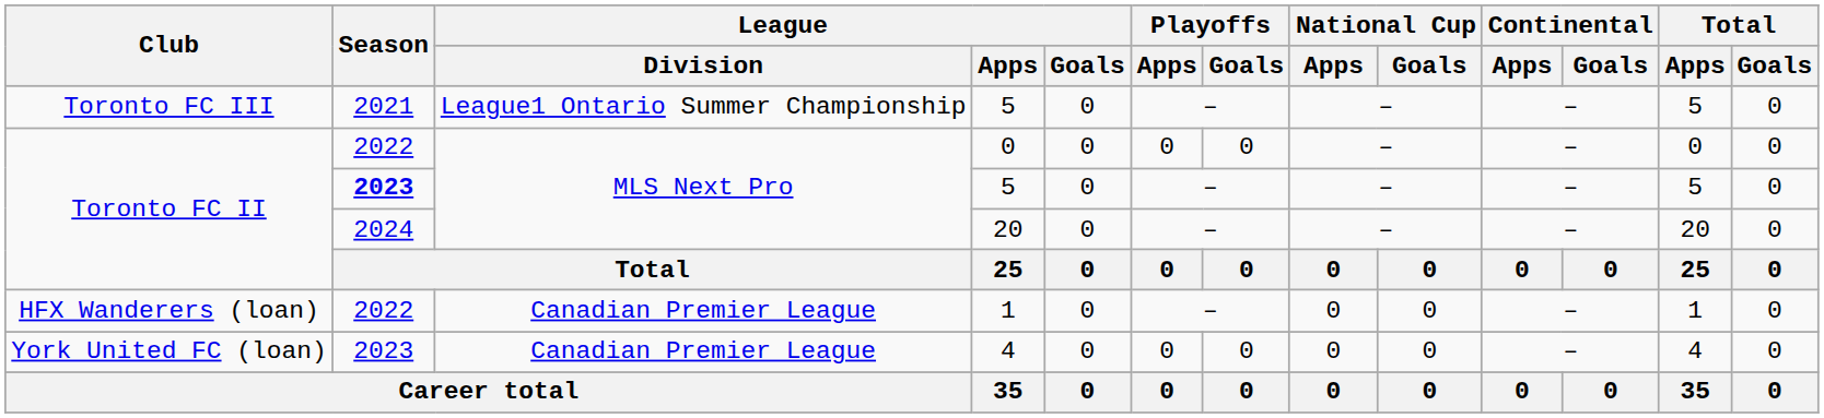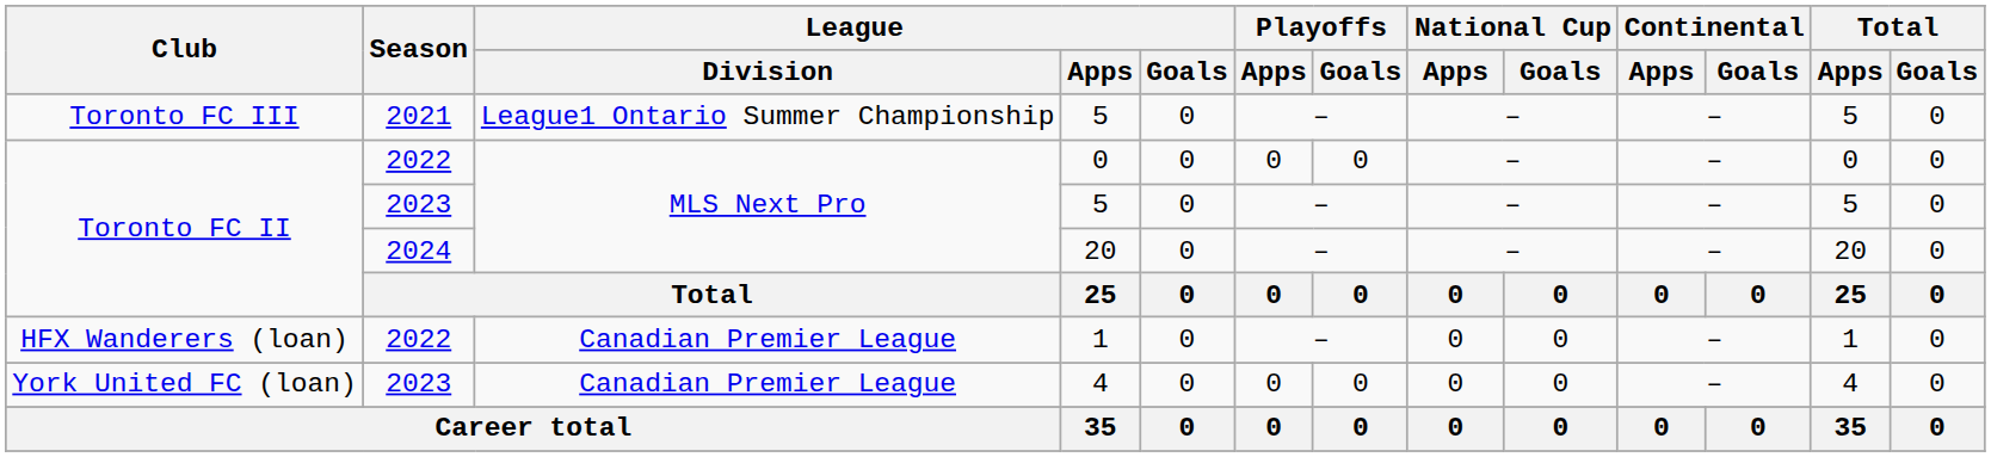 <table class="wikitable" style="text-align: center">
 <tr>
 <th rowspan="2">Club</th>
 <th rowspan="2">Season</th>
 <th colspan="3">League</th>
 <th colspan="2">Playoffs</th>
 <th colspan="2">National Cup</th>
 <th colspan="2">Continental</th>
 <th colspan="2">Total</th>
 </tr>
 <tr>
 <th>Division</th>
 <th>Apps</th>
 <th>Goals</th>
 <th>Apps</th>
 <th>Goals</th>
 <th>Apps</th>
 <th>Goals</th>
 <th>Apps</th>
 <th>Goals</th>
 <th>Apps</th>
 <th>Goals</th>
 </tr>
 <tr>
 <td><a href='#'>Toronto FC III</a></td>
 <td><a href='#'>2021</a></td>
 <td><a href='#'>League1 Ontario</a> Summer Championship</td>
 <td>5</td>
 <td>0</td>
 <td colspan="2">–</td>
 <td colspan="2">–</td>
 <td colspan="2">–</td>
 <td>5</td>
 <td>0</td>
 </tr>
 <tr>
 <td rowspan="4"><a href='#'>Toronto FC II</a></td>
 <td><a href='#'>2022</a></td>
 <td rowspan=3><a href='#'>MLS Next Pro</a></td>
 <td>0</td>
 <td>0</td>
 <td>0</td>
 <td>0</td>
 <td colspan="2">–</td>
 <td colspan="2">–</td>
 <td>0</td>
 <td>0</td>
 </tr>
 <tr>
-<td><strong><a href='#'>2023</a></strong></td>
+<td><a href='#'>2023</a></td>
 <td>5</td>
 <td>0</td>
 <td colspan="2">–</td>
 <td colspan="2">–</td>
 <td colspan="2">–</td>
 <td>5</td>
 <td>0</td>
 </tr>
 <tr>
 <td><a href='#'>2024</a></td>
 <td>20</td>
 <td>0</td>
 <td colspan="2">–</td>
 <td colspan="2">–</td>
 <td colspan="2">–</td>
 <td>20</td>
 <td>0</td>
 </tr>
 <tr>
 <th colspan="2">Total</th>
 <th>25</th>
 <th>0</th>
 <th>0</th>
 <th>0</th>
 <th>0</th>
 <th>0</th>
 <th>0</th>
 <th>0</th>
 <th>25</th>
 <th>0</th>
 </tr>
 <tr>
 <td><a href='#'>HFX Wanderers</a> (loan)</td>
 <td><a href='#'>2022</a></td>
 <td><a href='#'>Canadian Premier League</a></td>
 <td>1</td>
 <td>0</td>
 <td colspan="2">–</td>
 <td>0</td>
 <td>0</td>
 <td colspan="2">–</td>
 <td>1</td>
 <td>0</td>
 </tr>
 <tr>
 <td><a href='#'>York United FC</a> (loan)</td>
 <td><a href='#'>2023</a></td>
 <td><a href='#'>Canadian Premier League</a></td>
 <td>4</td>
 <td>0</td>
 <td>0</td>
 <td>0</td>
 <td>0</td>
 <td>0</td>
 <td colspan="2">–</td>
 <td>4</td>
 <td>0</td>
 </tr>
 <tr>
 <th colspan="3">Career total</th>
 <th>35</th>
 <th>0</th>
 <th>0</th>
 <th>0</th>
 <th>0</th>
 <th>0</th>
 <th>0</th>
 <th>0</th>
 <th>35</th>
 <th>0</th>
 </tr>
 </table>
